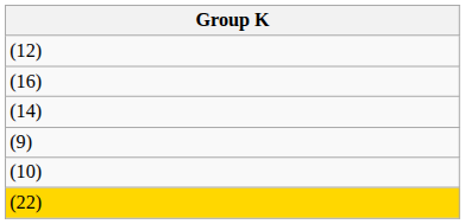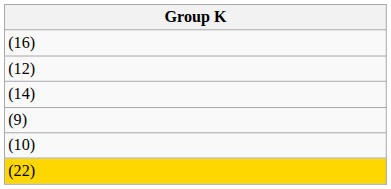 <table class="wikitable" width=30%>
 <tr>
 <th>Group K</th>
 </tr>
 <tr>
-<td> (12)</td>
+<td> (16)</td>
 </tr>
 <tr>
-<td> (16)</td>
+<td> (12)</td>
 </tr>
 <tr>
 <td> (14)</td>
 </tr>
 <tr>
 <td> (9)</td>
 </tr>
 <tr>
 <td> (10)</td>
 </tr>
 <tr>
 <td style="background: gold;"> (22)</td>
 </tr>
 </table>
